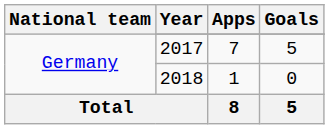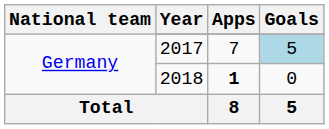 <table class="wikitable" style="text-align:center">
 <tr>
 <th>National team</th>
 <th>Year</th>
 <th>Apps</th>
 <th>Goals</th>
 </tr>
 <tr>
 <td rowspan="3"><a href='#'>Germany</a></td>
 </tr>
 <tr>
 <td>2017</td>
 <td>7</td>
-<td>5</td>
+<td style="background: lightblue;">5</td>
 </tr>
 <tr>
 <td>2018</td>
-<td>1</td>
+<td><strong>1</strong></td>
 <td>0</td>
 </tr>
 <tr>
 <th colspan="2">Total</th>
 <th>8</th>
 <th>5</th>
 </tr>
 </table>
